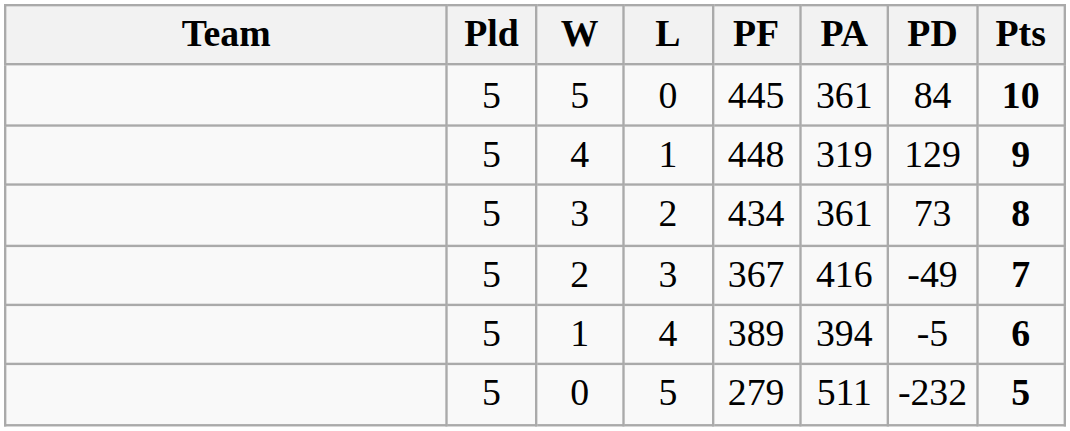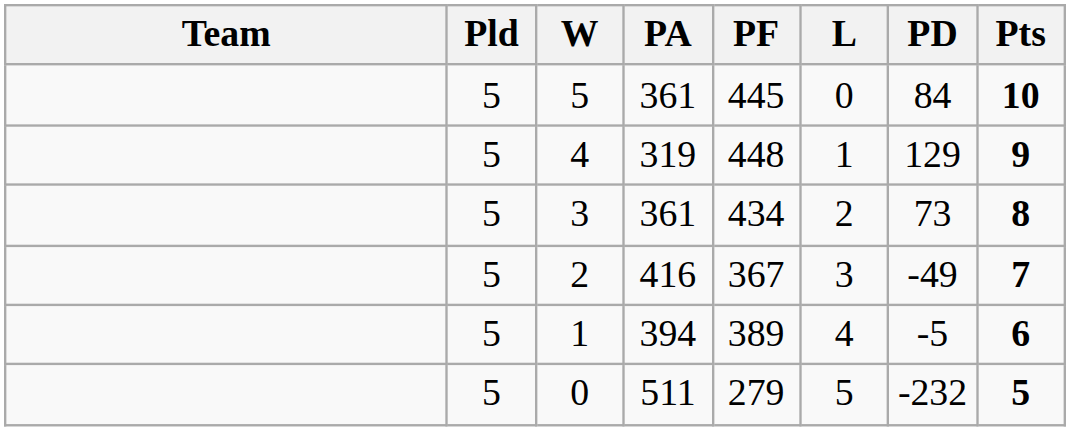 <table class=wikitable style="text-align:center">
 <tr>
 <th width=180>Team</th>
 <th width=30>Pld</th>
 <th width=30>W</th>
+<th width=30>PA</th>
+<th width=30>PF</th>
 <th width=30>L</th>
-<th width=30>PF</th>
-<th width=30>PA</th>
 <th width=30>PD</th>
 <th width=30>Pts</th>
 </tr>
 <tr>
 <td align="left"></td>
 <td>5</td>
 <td>5</td>
+<td>361</td>
+<td>445</td>
 <td>0</td>
-<td>445</td>
-<td>361</td>
 <td>84</td>
 <td><strong>10</strong></td>
 </tr>
 <tr>
 <td align="left"></td>
 <td>5</td>
 <td>4</td>
+<td>319</td>
+<td>448</td>
 <td>1</td>
-<td>448</td>
-<td>319</td>
 <td>129</td>
 <td><strong>9</strong></td>
 </tr>
 <tr>
 <td align="left"></td>
 <td>5</td>
 <td>3</td>
+<td>361</td>
+<td>434</td>
 <td>2</td>
-<td>434</td>
-<td>361</td>
 <td>73</td>
 <td><strong>8</strong></td>
 </tr>
 <tr>
 <td align="left"></td>
 <td>5</td>
 <td>2</td>
+<td>416</td>
+<td>367</td>
 <td>3</td>
-<td>367</td>
-<td>416</td>
 <td>-49</td>
 <td><strong>7</strong></td>
 </tr>
 <tr>
 <td align="left"></td>
 <td>5</td>
 <td>1</td>
+<td>394</td>
+<td>389</td>
 <td>4</td>
-<td>389</td>
-<td>394</td>
 <td>-5</td>
 <td><strong>6</strong></td>
 </tr>
 <tr>
 <td align="left"></td>
 <td>5</td>
 <td>0</td>
+<td>511</td>
+<td>279</td>
 <td>5</td>
-<td>279</td>
-<td>511</td>
 <td>-232</td>
 <td><strong>5</strong></td>
 </tr>
 </table>
